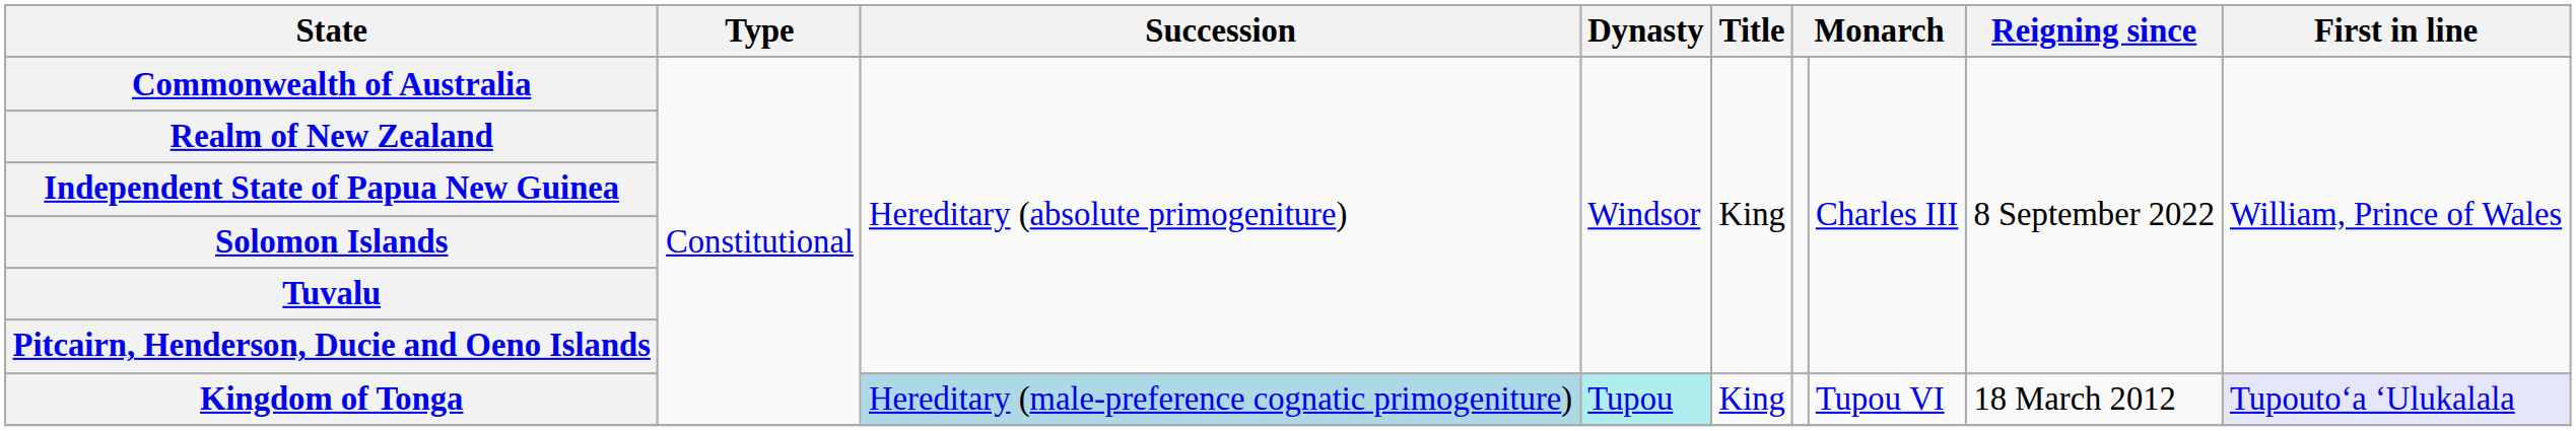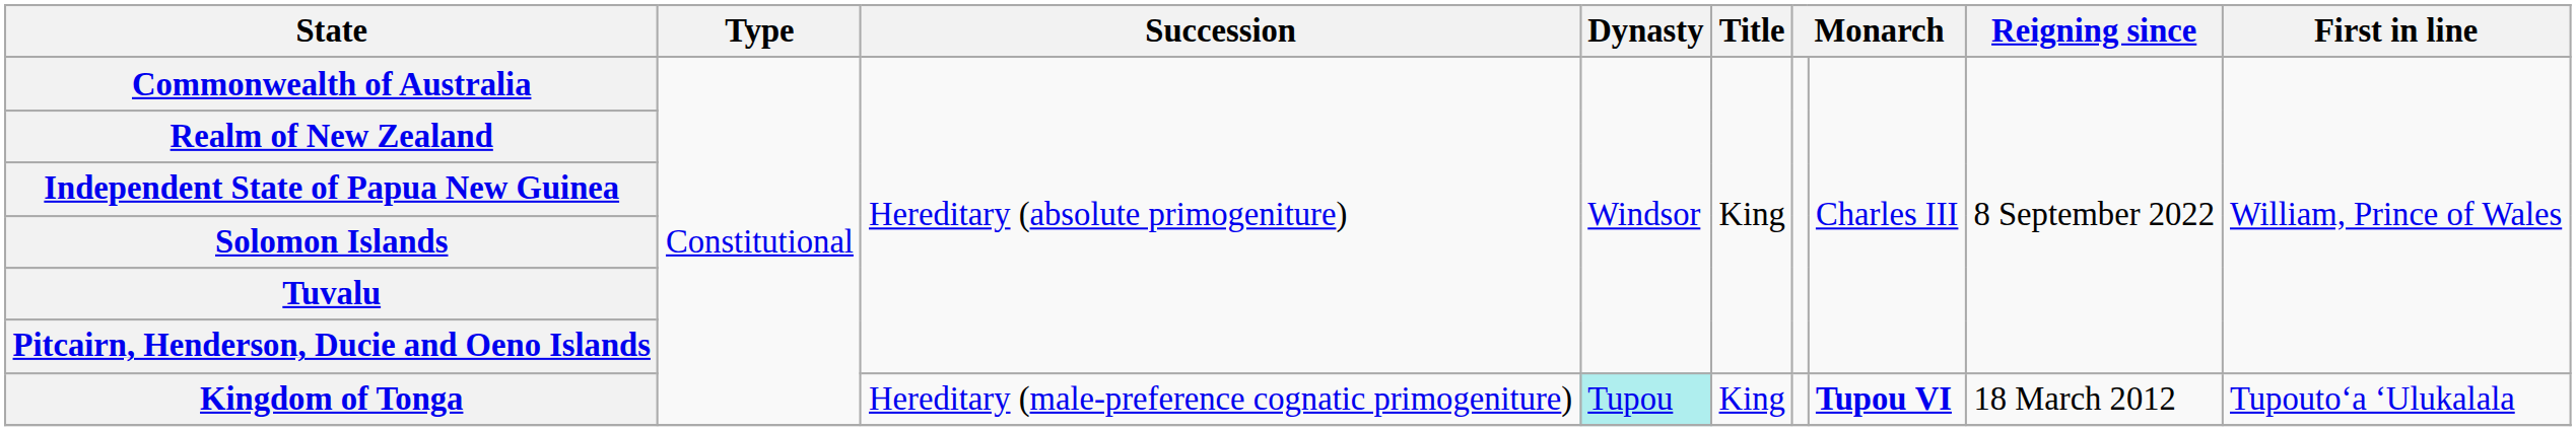 <table class="wikitable sortable plainrowheaders">
 <tr>
 <th scope="col">State</th>
 <th scope="col">Type</th>
 <th scope="col">Succession</th>
 <th scope="col">Dynasty</th>
 <th scope="col">Title</th>
 <th scope="col" colspan="2">Monarch</th>
 <th scope="col" data-sort-type="date"><a href='#'>Reigning since</a></th>
 <th scope="col">First in line</th>
 </tr>
 <tr>
 <th scope="row"><a href='#'>Commonwealth of Australia</a></th>
 <td rowspan="7"><a href='#'>Constitutional</a></td>
 <td rowspan="6"><a href='#'>Hereditary</a> (<a href='#'>absolute primogeniture</a>)</td>
 <td rowspan="6"><a href='#'>Windsor</a></td>
 <td rowspan="6">King</td>
 <td data-sort-type="Charles III" rowspan="6"></td>
 <td rowspan="6"><a href='#'>Charles&nbsp;III</a></td>
 <td rowspan="6">8 September 2022</td>
 <td rowspan="6"><a href='#'>William, Prince of Wales</a></td>
 </tr>
 <tr>
 <th scope="row"><a href='#'>Realm of New Zealand</a></th>
 </tr>
 <tr>
 <th scope="row"><a href='#'>Independent State of Papua New Guinea</a></th>
 </tr>
 <tr>
 <th scope="row"><a href='#'>Solomon Islands</a></th>
 </tr>
 <tr>
 <th scope="row"><a href='#'>Tuvalu</a></th>
 </tr>
 <tr>
 <th scope="row"><a href='#'>Pitcairn, Henderson, Ducie and Oeno Islands</a></th>
 </tr>
 <tr>
 <th scope="row"><a href='#'>Kingdom of Tonga</a></th>
-<td style="background: lightblue;"><a href='#'>Hereditary</a> (<a href='#'>male-preference cognatic primogeniture</a>)</td>
+<td><a href='#'>Hereditary</a> (<a href='#'>male-preference cognatic primogeniture</a>)</td>
 <td style="background: paleturquoise;"><a href='#'>Tupou</a></td>
 <td><a href='#'>King</a></td>
 <td></td>
-<td><a href='#'>Tupou&nbsp;VI</a></td>
+<td><strong><a href='#'>Tupou&nbsp;VI</a></strong></td>
 <td>18 March 2012</td>
-<td style="background: lavender;"><a href='#'>Tupoutoʻa ʻUlukalala</a></td>
+<td><a href='#'>Tupoutoʻa ʻUlukalala</a></td>
 </tr>
 <tr>
 </tr>
 </table>
